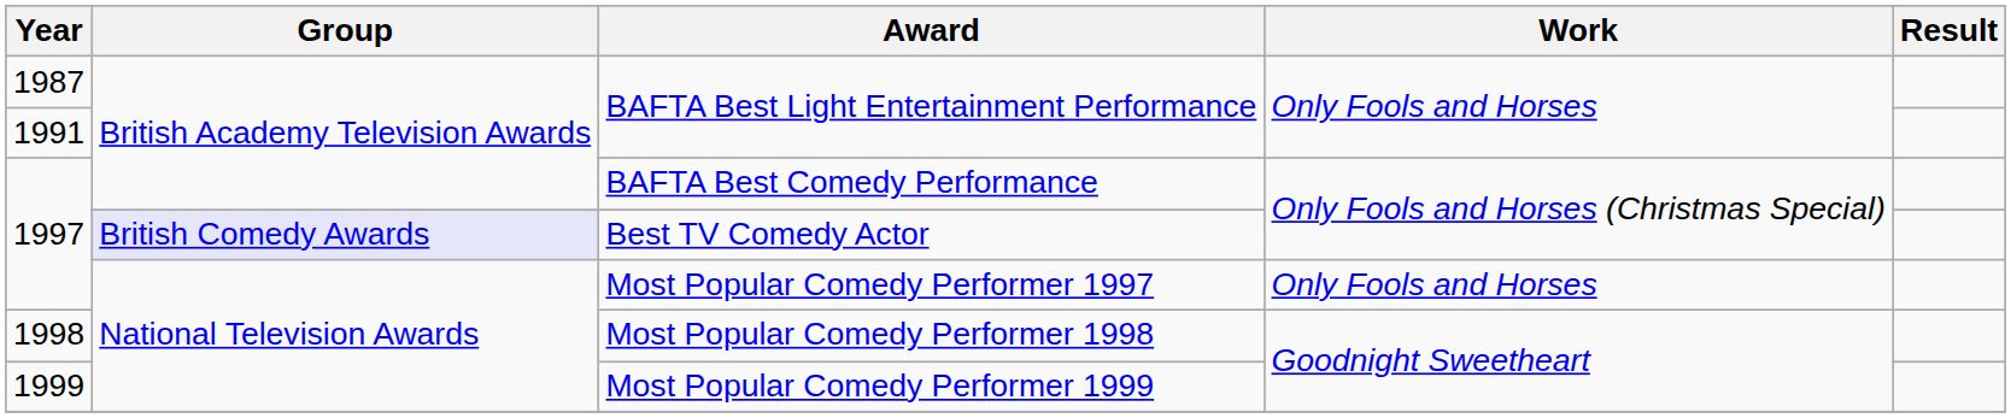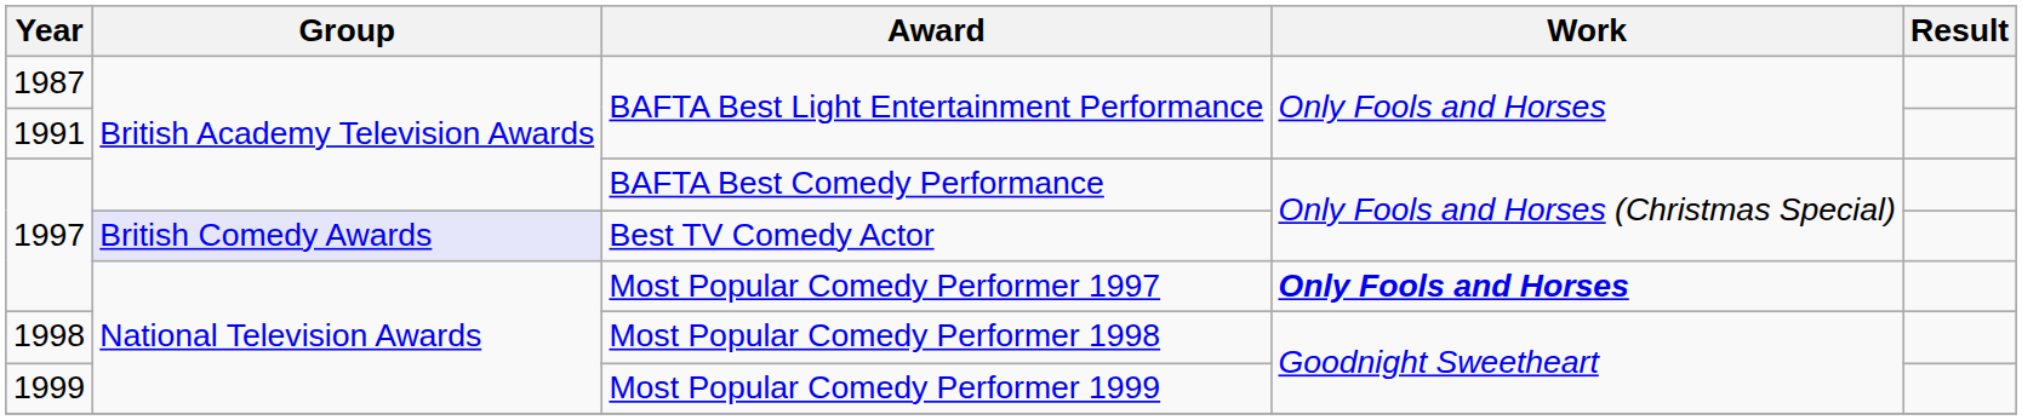 <table class="wikitable unsortable">
 <tr>
 <th>Year</th>
 <th>Group</th>
 <th>Award</th>
 <th>Work</th>
 <th>Result</th>
 </tr>
 <tr>
 <td>1987</td>
 <td rowspan="3"><a href='#'>British Academy Television Awards</a></td>
 <td rowspan="2"><a href='#'>BAFTA Best Light Entertainment Performance</a></td>
 <td rowspan="2"><em><a href='#'>Only Fools and Horses</a></em></td>
 <td></td>
 </tr>
 <tr>
 <td>1991</td>
 <td></td>
 </tr>
 <tr>
 <td rowspan="3">1997</td>
 <td><a href='#'>BAFTA Best Comedy Performance</a></td>
 <td rowspan="2"><em><a href='#'>Only Fools and Horses</a> (Christmas Special)</em></td>
 <td></td>
 </tr>
 <tr>
 <td style="background: lavender;"><a href='#'>British Comedy Awards</a></td>
 <td><a href='#'>Best TV Comedy Actor</a></td>
 <td></td>
 </tr>
 <tr>
 <td rowspan="3"><a href='#'>National Television Awards</a></td>
 <td><a href='#'>Most Popular Comedy Performer 1997</a></td>
-<td><em><a href='#'>Only Fools and Horses</a></em></td>
+<td><strong><em><a href='#'>Only Fools and Horses</a></em></strong></td>
 <td></td>
 </tr>
 <tr>
 <td>1998</td>
 <td><a href='#'>Most Popular Comedy Performer 1998</a></td>
 <td rowspan="2"><em><a href='#'>Goodnight Sweetheart</a></em></td>
 <td></td>
 </tr>
 <tr>
 <td>1999</td>
 <td><a href='#'>Most Popular Comedy Performer 1999</a></td>
 <td></td>
 </tr>
 <tr>
 </tr>
 </table>
